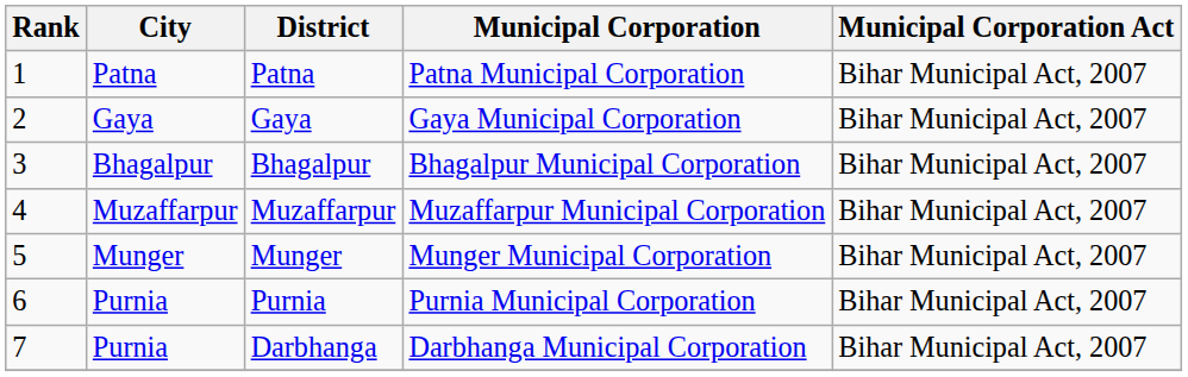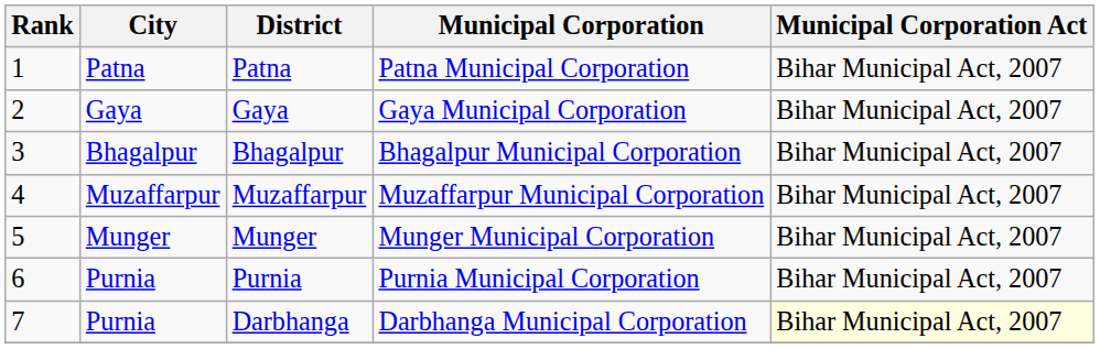 <table class="wikitable sortable">
 <tr>
 <th>Rank</th>
 <th>City</th>
 <th>District</th>
 <th>Municipal Corporation</th>
 <th>Municipal Corporation Act</th>
 </tr>
 <tr>
 <td>1</td>
 <td><a href='#'>Patna</a></td>
 <td><a href='#'>Patna</a></td>
 <td><a href='#'>Patna Municipal Corporation</a></td>
 <td>Bihar Municipal Act, 2007</td>
 </tr>
 <tr>
 <td>2</td>
 <td><a href='#'>Gaya</a></td>
 <td><a href='#'>Gaya</a></td>
 <td><a href='#'>Gaya Municipal Corporation</a></td>
 <td>Bihar Municipal Act, 2007</td>
 </tr>
 <tr>
 <td>3</td>
 <td><a href='#'>Bhagalpur</a></td>
 <td><a href='#'>Bhagalpur</a></td>
 <td><a href='#'>Bhagalpur Municipal Corporation</a></td>
 <td>Bihar Municipal Act, 2007</td>
 </tr>
 <tr>
 <td>4</td>
 <td><a href='#'>Muzaffarpur</a></td>
 <td><a href='#'>Muzaffarpur</a></td>
 <td><a href='#'>Muzaffarpur Municipal Corporation</a></td>
 <td>Bihar Municipal Act, 2007</td>
 </tr>
 <tr>
 <td>5</td>
 <td><a href='#'>Munger</a></td>
 <td><a href='#'>Munger</a></td>
 <td><a href='#'>Munger Municipal Corporation</a></td>
 <td>Bihar Municipal Act, 2007</td>
 </tr>
 <tr>
 <td>6</td>
 <td><a href='#'>Purnia</a></td>
 <td><a href='#'>Purnia</a></td>
 <td><a href='#'>Purnia Municipal Corporation</a></td>
 <td>Bihar Municipal Act, 2007</td>
 </tr>
 <tr>
 <td>7</td>
 <td><a href='#'>Purnia</a></td>
 <td><a href='#'>Darbhanga</a></td>
 <td><a href='#'>Darbhanga Municipal Corporation</a></td>
-<td>Bihar Municipal Act, 2007</td>
+<td style="background: lightyellow;">Bihar Municipal Act, 2007</td>
 </tr>
 <tr>
 </tr>
 </table>
